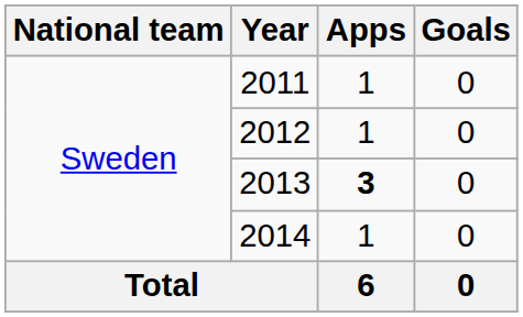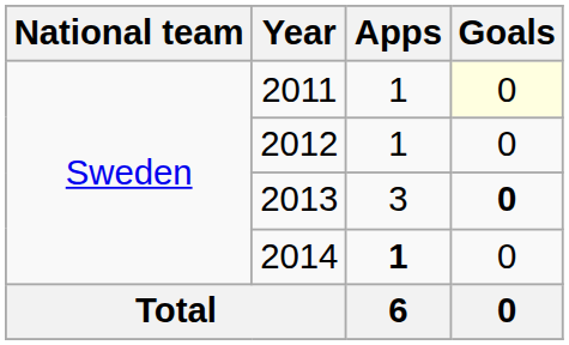 <table class="wikitable" style="text-align:center">
 <tr>
 <th>National team</th>
 <th>Year</th>
 <th>Apps</th>
 <th>Goals</th>
 </tr>
 <tr>
 <td rowspan="4"><a href='#'>Sweden</a></td>
 <td>2011</td>
 <td>1</td>
-<td>0</td>
+<td style="background: lightyellow;">0</td>
 </tr>
 <tr>
 <td>2012</td>
 <td>1</td>
 <td>0</td>
 </tr>
 <tr>
 <td>2013</td>
-<td><strong>3</strong></td>
-<td>0</td>
+<td>3</td>
+<td><strong>0</strong></td>
 </tr>
 <tr>
 <td>2014</td>
-<td>1</td>
+<td><strong>1</strong></td>
 <td>0</td>
 </tr>
 <tr>
 <th colspan="2">Total</th>
 <th>6</th>
 <th>0</th>
 </tr>
 </table>
